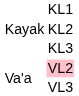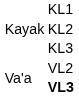 <table>
 <tr>
 <td rowspan=3>Kayak</td>
 <td>KL1<br></td>
 <td></td>
 <td></td>
 <td></td>
 </tr>
 <tr>
 <td>KL2<br></td>
 <td></td>
 <td></td>
 <td></td>
 </tr>
 <tr>
 <td>KL3<br></td>
 <td></td>
 <td></td>
 <td></td>
 </tr>
 <tr>
 <td rowspan=2>Va'a</td>
-<td style="background: pink;">VL2<br></td>
+<td>VL2<br></td>
 <td></td>
 <td></td>
 <td></td>
 </tr>
 <tr>
-<td>VL3<br></td>
+<td><strong>VL3<br></strong></td>
 <td></td>
 <td></td>
 <td></td>
 </tr>
 </table>
